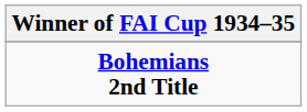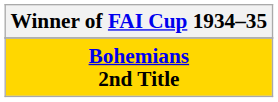 <table class="wikitable" style="text-align: center; margin: 0 auto;">
 <tr>
 <th>Winner of <a href='#'>FAI Cup</a> 1934–35</th>
 </tr>
 <tr>
 </tr>
 <tr>
-<td><strong><a href='#'>Bohemians</a></strong><br><strong>2nd Title</strong></td>
+<td style="background: gold;"><strong><a href='#'>Bohemians</a></strong><br><strong>2nd Title</strong></td>
 </tr>
 </table>
